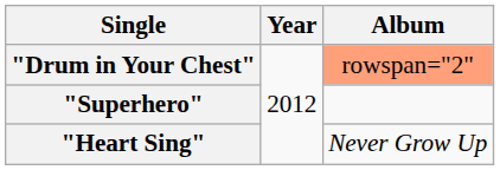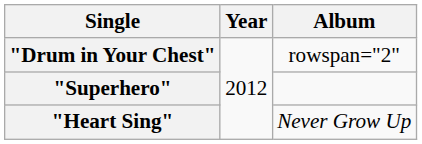 <table class="wikitable plainrowheaders" style="text-align:center;">
 <tr>
 <th scope="col">Single</th>
 <th scope="col">Year</th>
 <th scope="col">Album</th>
 </tr>
 <tr>
 <th scope="row">"Drum in Your Chest"</th>
 <td rowspan="3">2012</td>
-<td style="background: lightsalmon;">rowspan="2" </td>
+<td>rowspan="2" </td>
 </tr>
 <tr>
 <th scope="row">"Superhero"</th>
 </tr>
 <tr>
 <th scope="row">"Heart Sing"</th>
 <td><em>Never Grow Up</em></td>
 </tr>
 </table>
